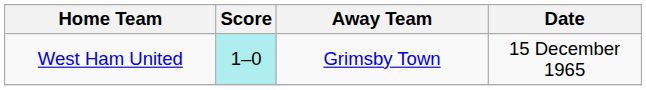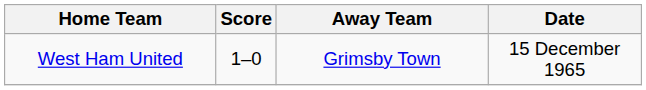 <table class="wikitable" style="text-align:center;">
 <tr>
 <th width=175>Home Team</th>
 <th width=20>Score</th>
 <th width=175>Away Team</th>
 <th width=125>Date</th>
 </tr>
 <tr>
 <td><a href='#'>West Ham United</a></td>
-<td style="background: paleturquoise;">1–0</td>
+<td>1–0</td>
 <td><a href='#'>Grimsby Town</a></td>
 <td>15 December 1965</td>
 </tr>
 <tr>
 </tr>
 </table>
